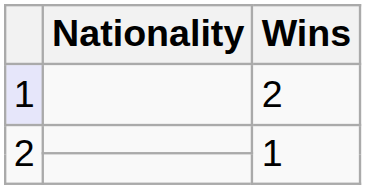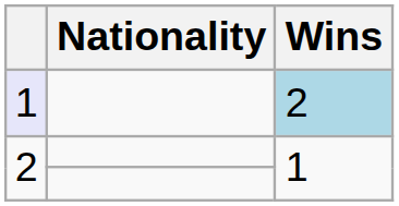 <table class="wikitable">
 <tr>
 <th></th>
 <th>Nationality</th>
 <th>Wins</th>
 </tr>
 <tr>
 <td style="background: lavender;">1</td>
 <td></td>
-<td>2</td>
+<td style="background: lightblue;">2</td>
 </tr>
 <tr>
 <td rowspan="2">2</td>
 <td></td>
 <td rowspan="2">1</td>
 </tr>
 <tr>
 <td></td>
 </tr>
 </table>
